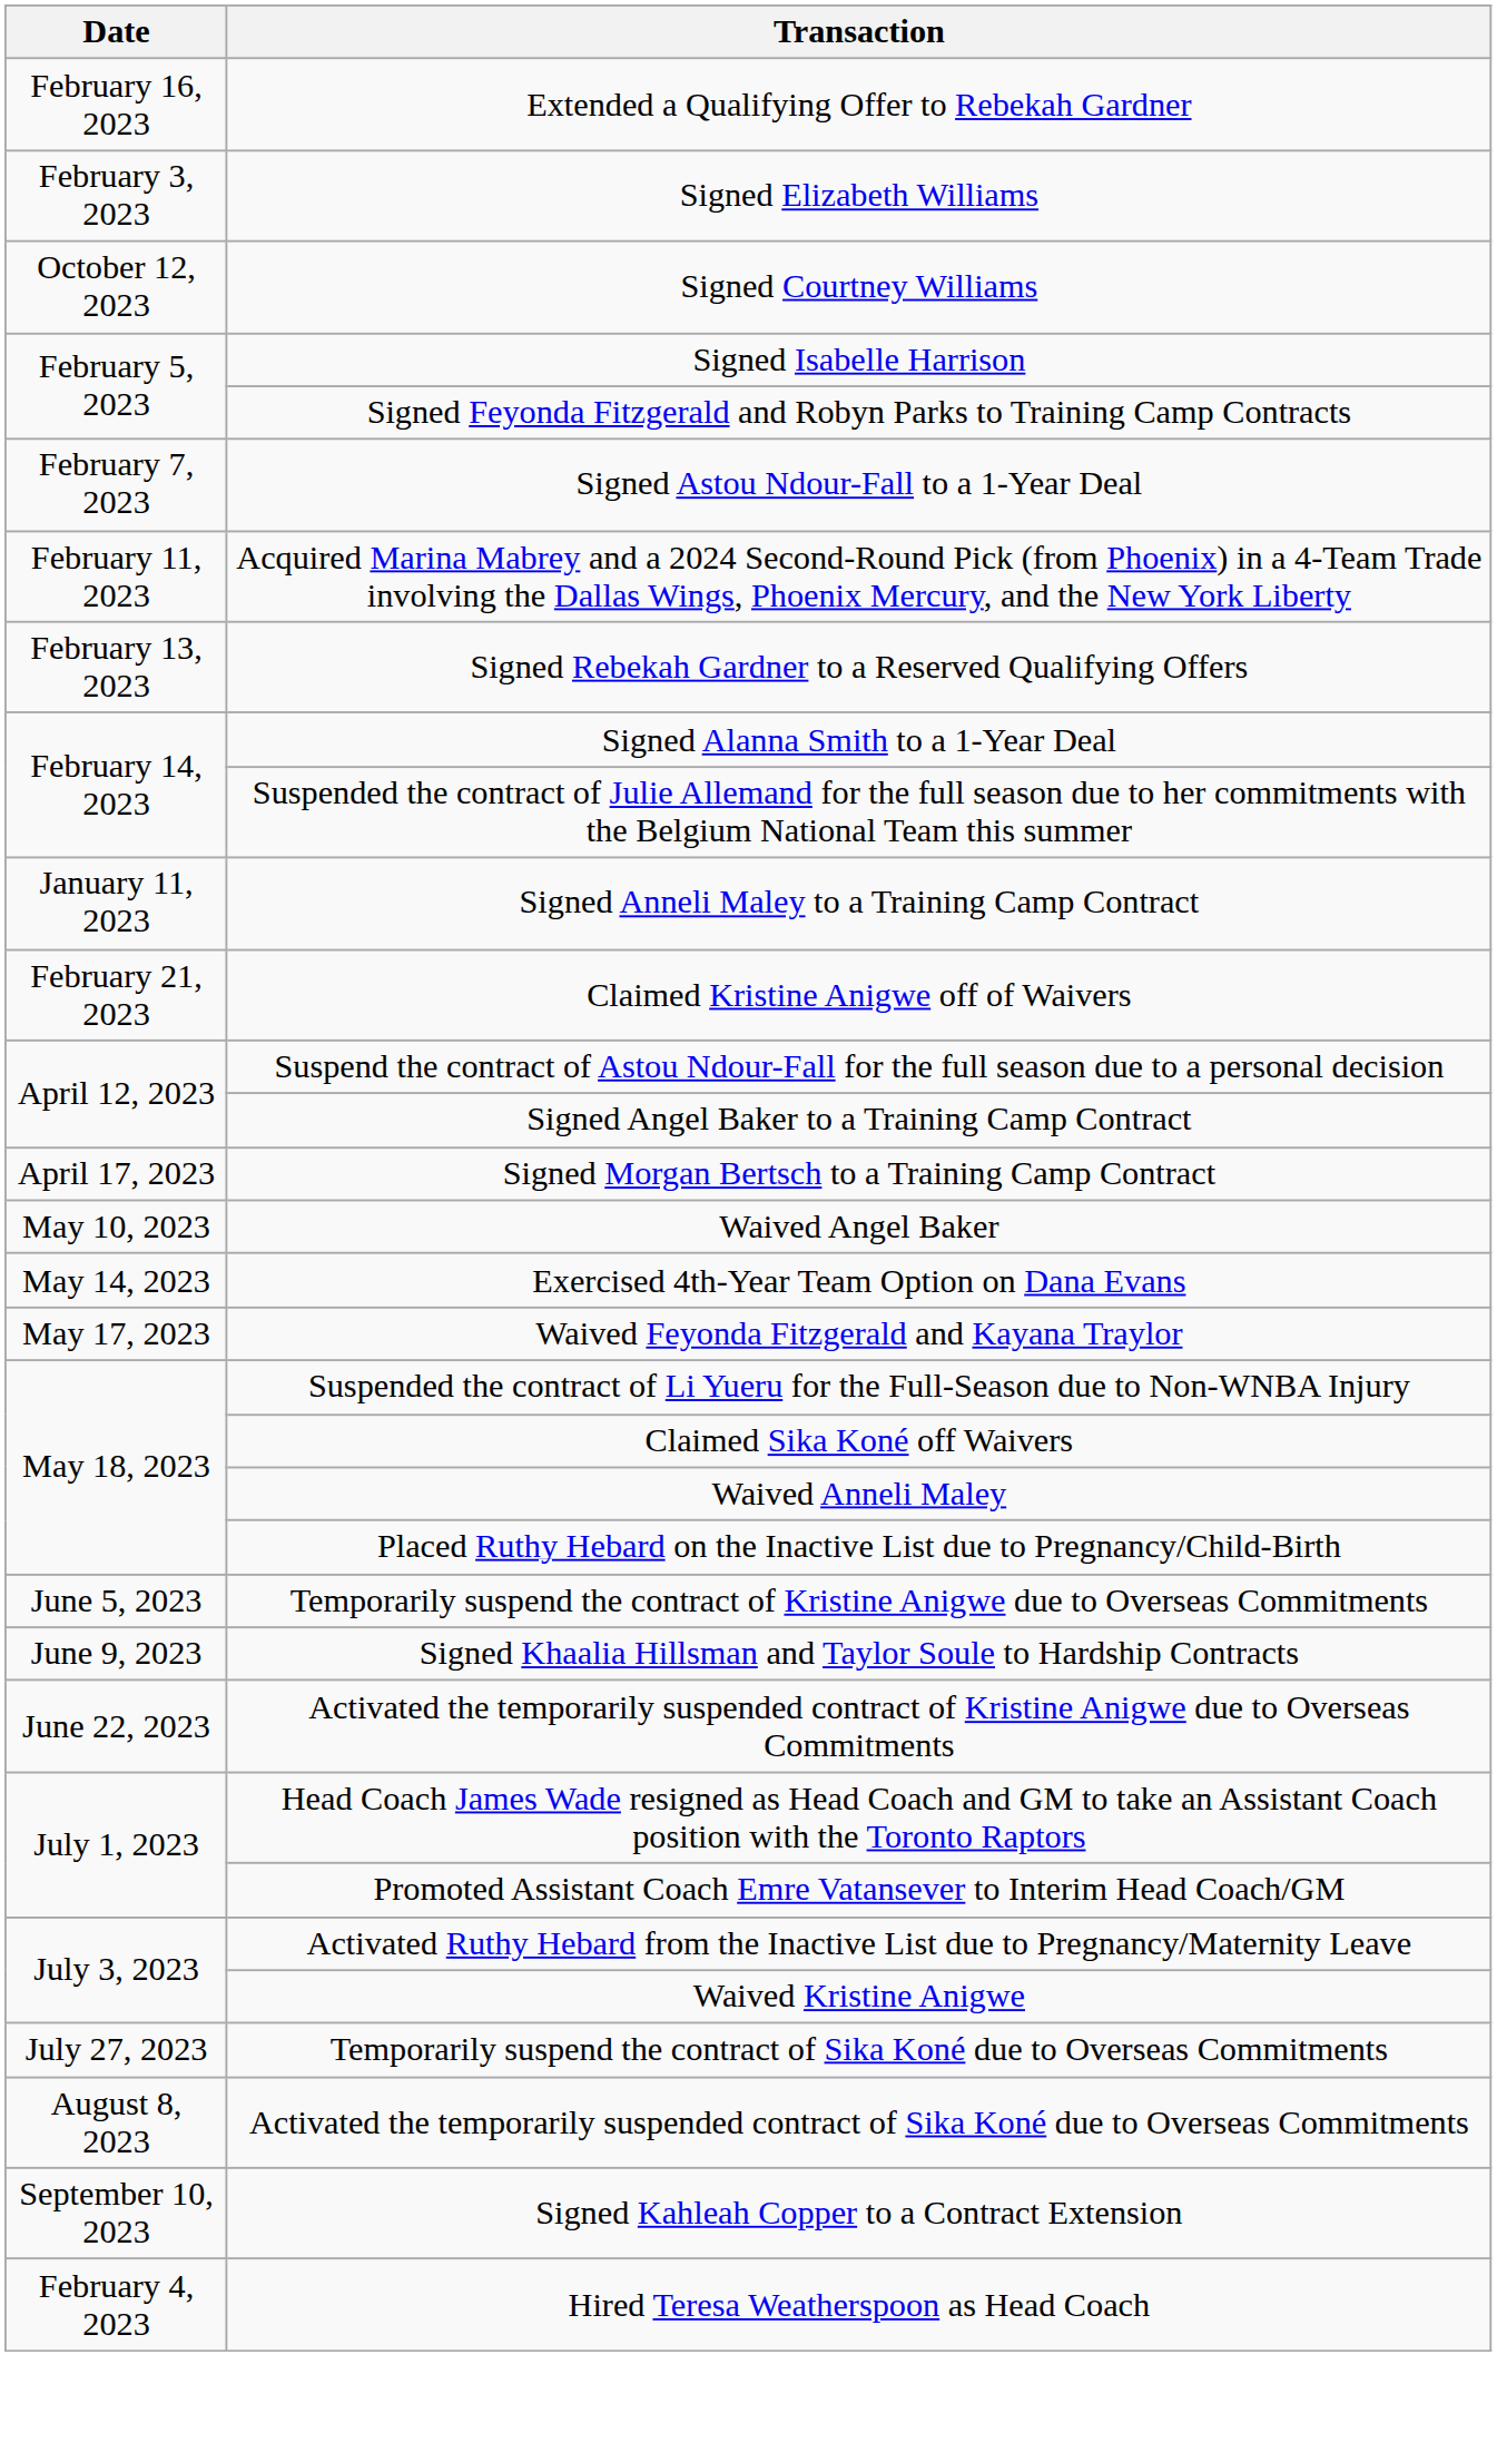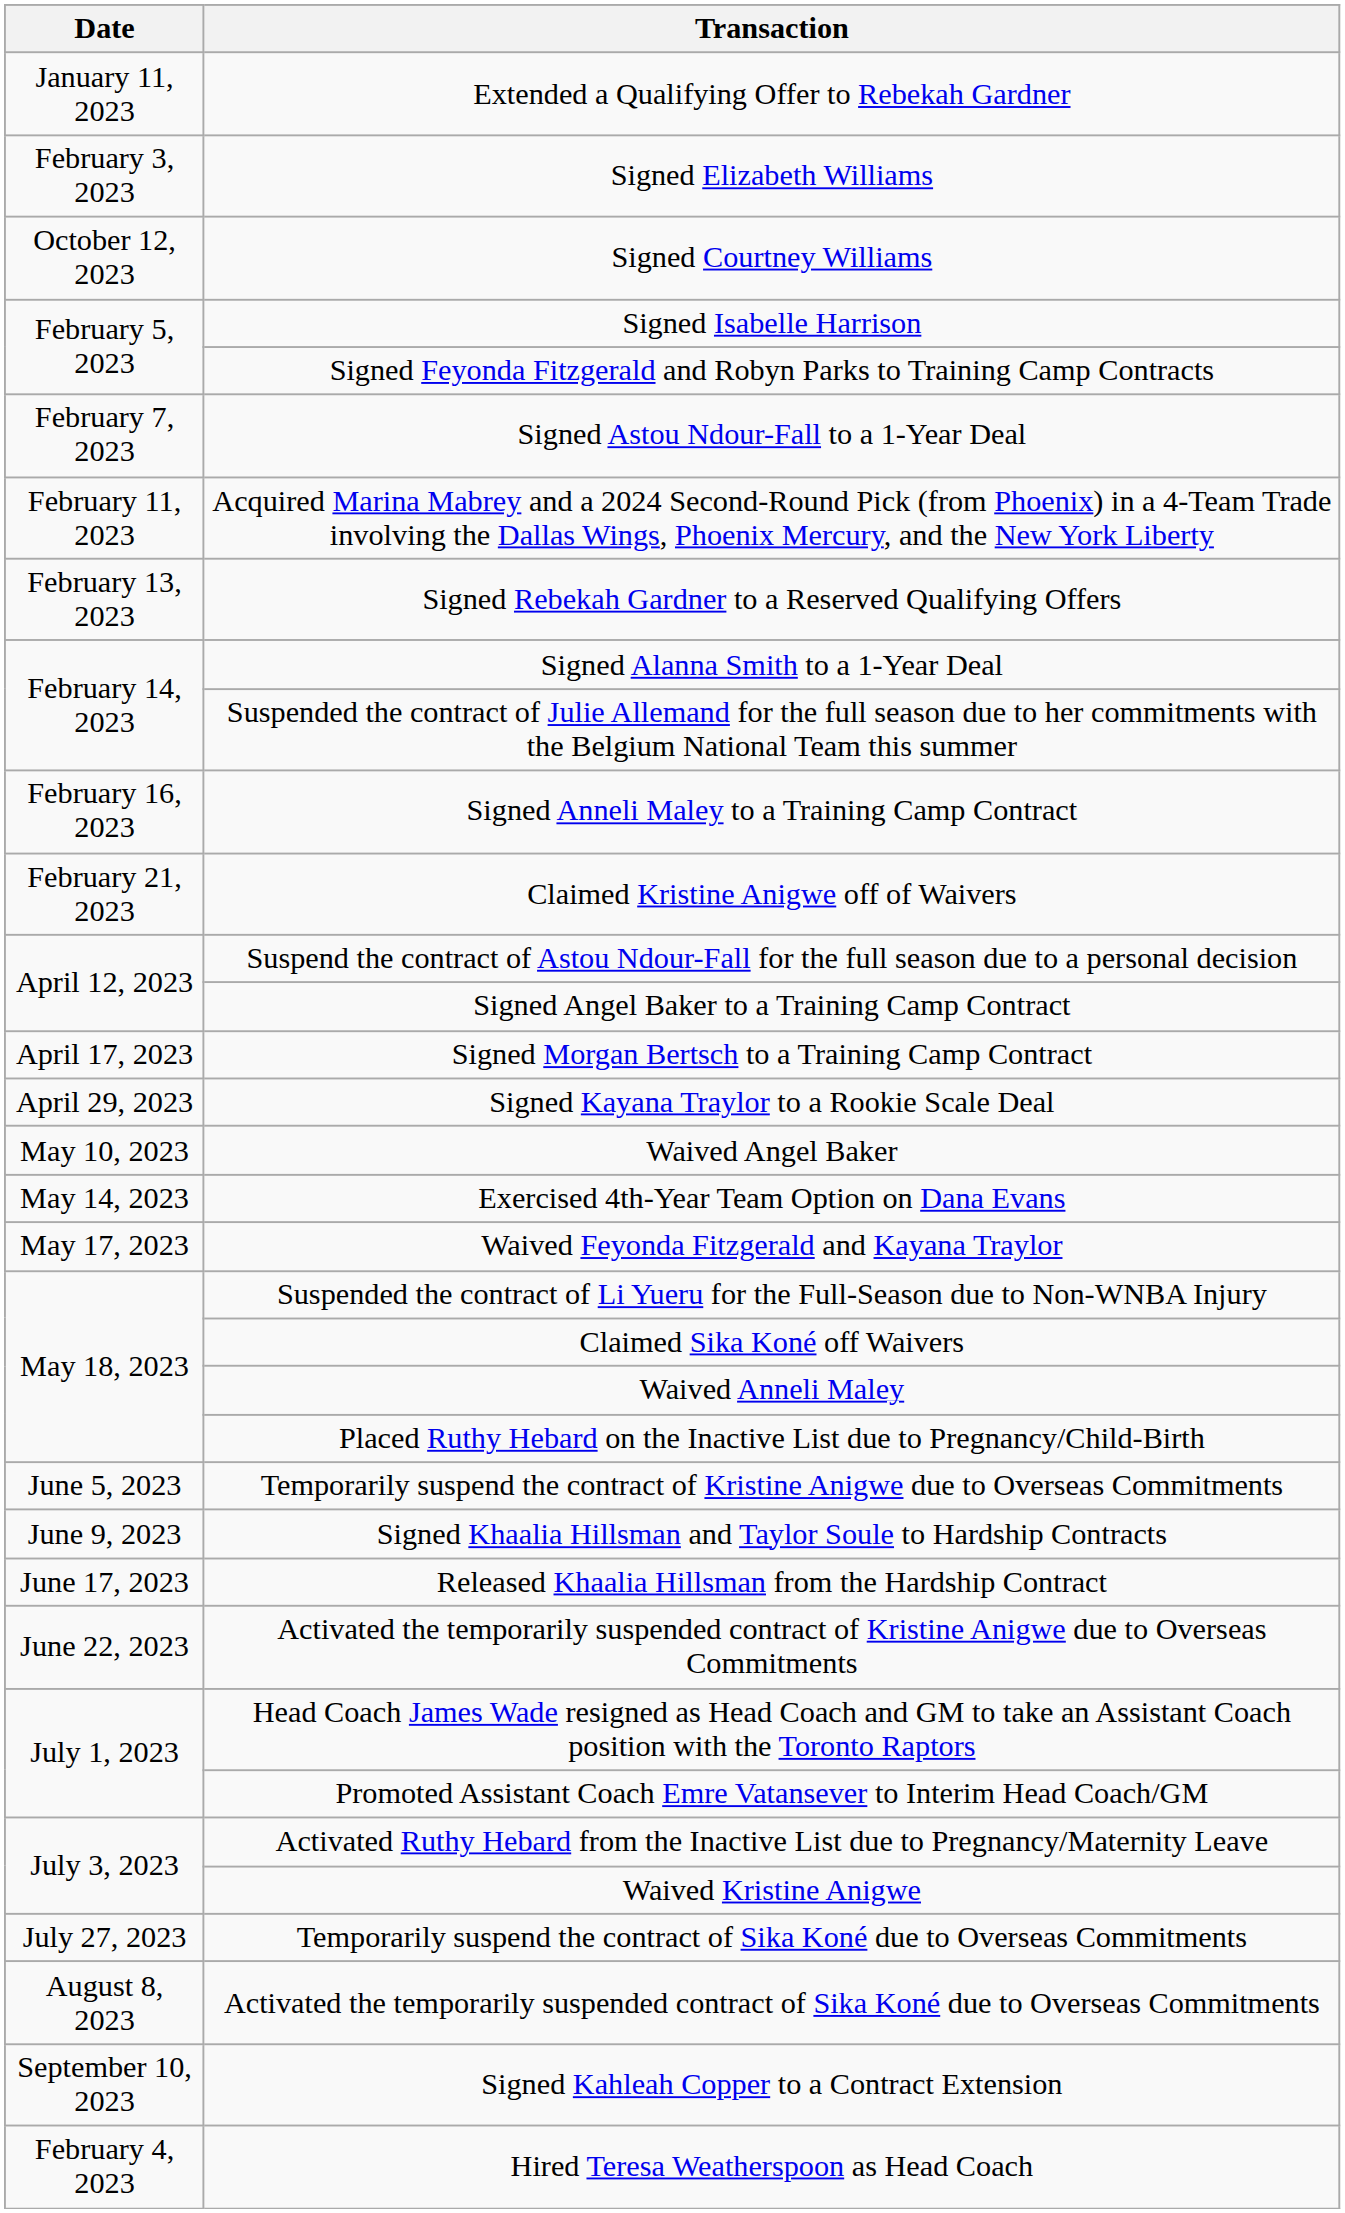 <table class="wikitable" style="width:80%; text-align:center;">
 <tr>
 <th>Date</th>
 <th>Transaction</th>
 </tr>
 <tr>
-<td>February 16, 2023</td>
+<td>January 11, 2023</td>
 <td>Extended a Qualifying Offer to <a href='#'>Rebekah Gardner</a></td>
 </tr>
 <tr>
 <td>February 3, 2023</td>
 <td>Signed <a href='#'>Elizabeth Williams</a></td>
 </tr>
 <tr>
 <td>October 12, 2023</td>
 <td>Signed <a href='#'>Courtney Williams</a></td>
 </tr>
 <tr>
 <td rowspan=2>February 5, 2023</td>
 <td>Signed <a href='#'>Isabelle Harrison</a></td>
 </tr>
 <tr>
 <td>Signed <a href='#'>Feyonda Fitzgerald</a> and Robyn Parks to Training Camp Contracts</td>
 </tr>
 <tr>
 <td>February 7, 2023</td>
 <td>Signed <a href='#'>Astou Ndour-Fall</a> to a 1-Year Deal</td>
 </tr>
 <tr>
 <td>February 11, 2023</td>
 <td>Acquired <a href='#'>Marina Mabrey</a> and a 2024 Second-Round Pick (from <a href='#'>Phoenix</a>) in a 4-Team Trade involving the <a href='#'>Dallas Wings</a>, <a href='#'>Phoenix Mercury</a>, and the <a href='#'>New York Liberty</a></td>
 </tr>
 <tr>
 <td>February 13, 2023</td>
 <td>Signed <a href='#'>Rebekah Gardner</a> to a Reserved Qualifying Offers</td>
 </tr>
 <tr>
 <td rowspan=2>February 14, 2023</td>
 <td>Signed <a href='#'>Alanna Smith</a> to a 1-Year Deal</td>
 </tr>
 <tr>
 <td>Suspended the contract of <a href='#'>Julie Allemand</a> for the full season due to her commitments with the Belgium National Team this summer</td>
 </tr>
 <tr>
-<td>January 11, 2023</td>
+<td>February 16, 2023</td>
 <td>Signed <a href='#'>Anneli Maley</a> to a Training Camp Contract</td>
 </tr>
 <tr>
 <td>February 21, 2023</td>
 <td>Claimed <a href='#'>Kristine Anigwe</a> off of Waivers</td>
 </tr>
 <tr>
 <td rowspan=2>April 12, 2023</td>
 <td>Suspend the contract of <a href='#'>Astou Ndour-Fall</a> for the full season due to a personal decision</td>
 </tr>
 <tr>
 <td>Signed Angel Baker to a Training Camp Contract</td>
 </tr>
 <tr>
 <td>April 17, 2023</td>
 <td>Signed <a href='#'>Morgan Bertsch</a> to a Training Camp Contract</td>
+</tr>
+<tr>
+<td>April 29, 2023</td>
+<td>Signed <a href='#'>Kayana Traylor</a> to a Rookie Scale Deal</td>
 </tr>
 <tr>
 <td>May 10, 2023</td>
 <td>Waived Angel Baker</td>
 </tr>
 <tr>
 <td>May 14, 2023</td>
 <td>Exercised 4th-Year Team Option on <a href='#'>Dana Evans</a></td>
 </tr>
 <tr>
 <td>May 17, 2023</td>
 <td>Waived <a href='#'>Feyonda Fitzgerald</a> and <a href='#'>Kayana Traylor</a></td>
 </tr>
 <tr>
 <td rowspan=4>May 18, 2023</td>
 <td>Suspended the contract of <a href='#'>Li Yueru</a> for the Full-Season due to Non-WNBA Injury</td>
 </tr>
 <tr>
 <td>Claimed <a href='#'>Sika Koné</a> off Waivers</td>
 </tr>
 <tr>
 <td>Waived <a href='#'>Anneli Maley</a></td>
 </tr>
 <tr>
 <td>Placed <a href='#'>Ruthy Hebard</a> on the Inactive List due to Pregnancy/Child-Birth</td>
 </tr>
 <tr>
 <td>June 5, 2023</td>
 <td>Temporarily suspend the contract of <a href='#'>Kristine Anigwe</a> due to Overseas Commitments</td>
 </tr>
 <tr>
 <td>June 9, 2023</td>
 <td>Signed <a href='#'>Khaalia Hillsman</a> and <a href='#'>Taylor Soule</a> to Hardship Contracts</td>
+</tr>
+<tr>
+<td>June 17, 2023</td>
+<td>Released <a href='#'>Khaalia Hillsman</a> from the Hardship Contract</td>
 </tr>
 <tr>
 <td>June 22, 2023</td>
 <td>Activated the temporarily suspended contract of <a href='#'>Kristine Anigwe</a> due to Overseas Commitments</td>
 </tr>
 <tr>
 <td rowspan=2>July 1, 2023</td>
 <td>Head Coach <a href='#'>James Wade</a> resigned as Head Coach and GM to take an Assistant Coach position with the <a href='#'>Toronto Raptors</a></td>
 </tr>
 <tr>
 <td>Promoted Assistant Coach <a href='#'>Emre Vatansever</a> to Interim Head Coach/GM</td>
 </tr>
 <tr>
 <td rowspan=2>July 3, 2023</td>
 <td>Activated <a href='#'>Ruthy Hebard</a> from the Inactive List due to Pregnancy/Maternity Leave</td>
 </tr>
 <tr>
 <td>Waived <a href='#'>Kristine Anigwe</a></td>
 </tr>
 <tr>
 <td>July 27, 2023</td>
 <td>Temporarily suspend the contract of <a href='#'>Sika Koné</a> due to Overseas Commitments</td>
 </tr>
 <tr>
 <td>August 8, 2023</td>
 <td>Activated the temporarily suspended contract of <a href='#'>Sika Koné</a> due to Overseas Commitments</td>
 </tr>
 <tr>
 <td>September 10, 2023</td>
 <td>Signed <a href='#'>Kahleah Copper</a> to a Contract Extension</td>
 </tr>
 <tr>
 <td>February 4, 2023</td>
 <td>Hired <a href='#'>Teresa Weatherspoon</a> as Head Coach</td>
 </tr>
 </table>
